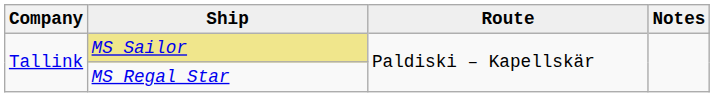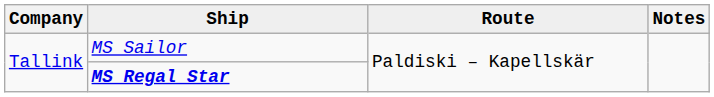 <table class="wikitable">
 <tr>
 <th>Company</th>
 <th style="background: #efefef; border-bottom: 1px;width:200px;">Ship</th>
 <th style="background: #efefef; border-bottom: 1px;width:200px;">Route</th>
 <th>Notes</th>
 </tr>
 <tr>
 <td rowspan="2"> <a href='#'>Tallink</a></td>
-<td rowspan="1" style="background: khaki;"><em><a href='#'>MS Sailor</a></em></td>
+<td rowspan="1"><em><a href='#'>MS Sailor</a></em></td>
 <td rowspan="2">Paldiski – Kapellskär</td>
 </tr>
 <tr>
-<td rowspan="1"><em><a href='#'>MS Regal Star</a></em></td>
+<td rowspan="1"><strong><em><a href='#'>MS Regal Star</a></em></strong></td>
 </tr>
 </table>
